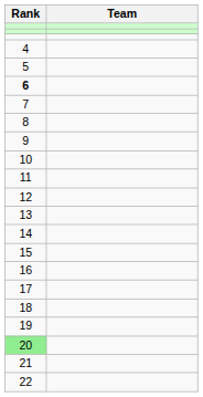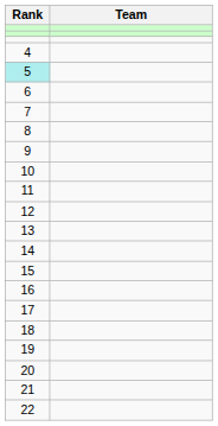 <table class="wikitable" style="text-align: center">
 <tr>
 <th width=50>Rank</th>
 <th width=200>Team</th>
 </tr>
 <tr bgcolor=#ccffcc>
 <td></td>
 <td align=left></td>
 </tr>
 <tr bgcolor=#ccffcc>
 <td></td>
 <td align=left></td>
 </tr>
 <tr>
 <td></td>
 <td align=left></td>
 </tr>
 <tr>
 <td>4</td>
 <td align=left></td>
 </tr>
 <tr>
-<td>5</td>
+<td style="background: paleturquoise;">5</td>
 <td align=left></td>
 </tr>
 <tr>
-<td><strong>6</strong></td>
+<td>6</td>
 <td align=left></td>
 </tr>
 <tr>
 <td>7</td>
 <td align=left></td>
 </tr>
 <tr>
 <td>8</td>
 <td align=left></td>
 </tr>
 <tr>
 <td>9</td>
 <td align=left></td>
 </tr>
 <tr>
 <td>10</td>
 <td align=left></td>
 </tr>
 <tr>
 <td>11</td>
 <td align=left></td>
 </tr>
 <tr>
 <td>12</td>
 <td align=left></td>
 </tr>
 <tr>
 <td>13</td>
 <td align=left></td>
 </tr>
 <tr>
 <td>14</td>
 <td align=left></td>
 </tr>
 <tr>
 <td>15</td>
 <td align=left></td>
 </tr>
 <tr>
 <td>16</td>
 <td align=left></td>
 </tr>
 <tr>
 <td>17</td>
 <td align=left></td>
 </tr>
 <tr>
 <td>18</td>
 <td align=left></td>
 </tr>
 <tr>
 <td>19</td>
 <td align=left></td>
 </tr>
 <tr>
-<td style="background: lightgreen;">20</td>
+<td>20</td>
 <td align=left></td>
 </tr>
 <tr>
 <td>21</td>
 <td align=left></td>
 </tr>
 <tr>
 <td>22</td>
 <td align=left></td>
 </tr>
 </table>
